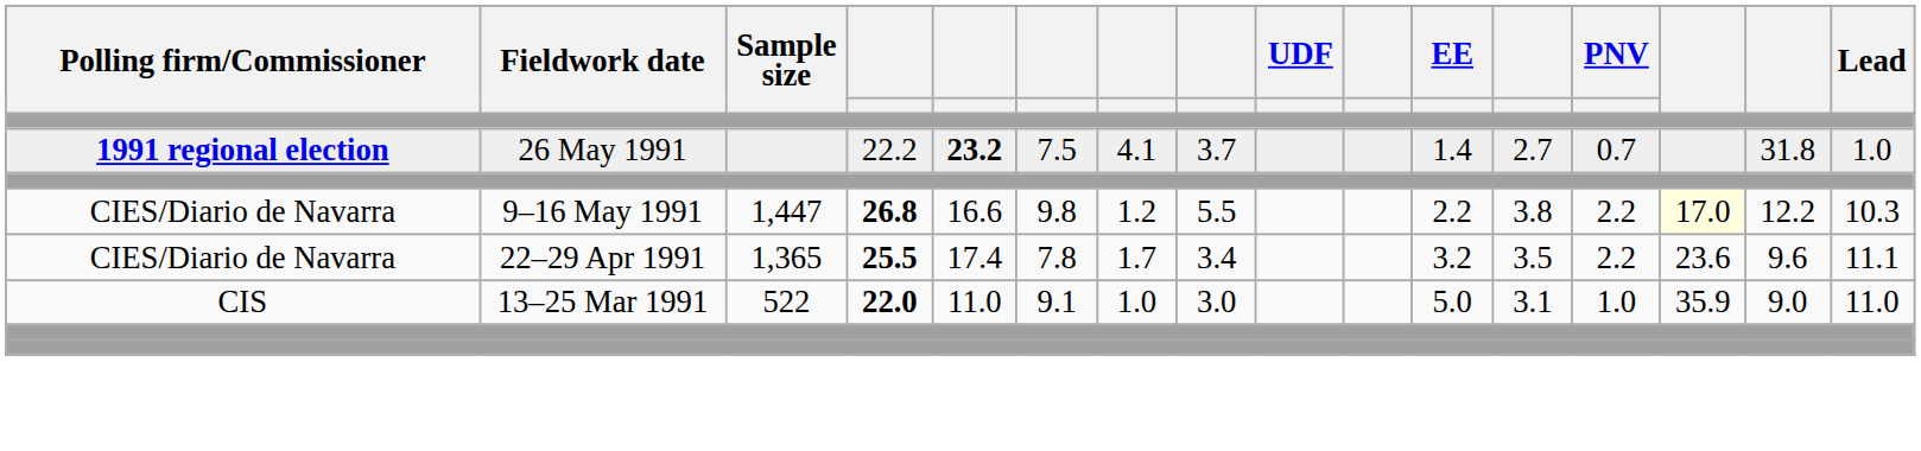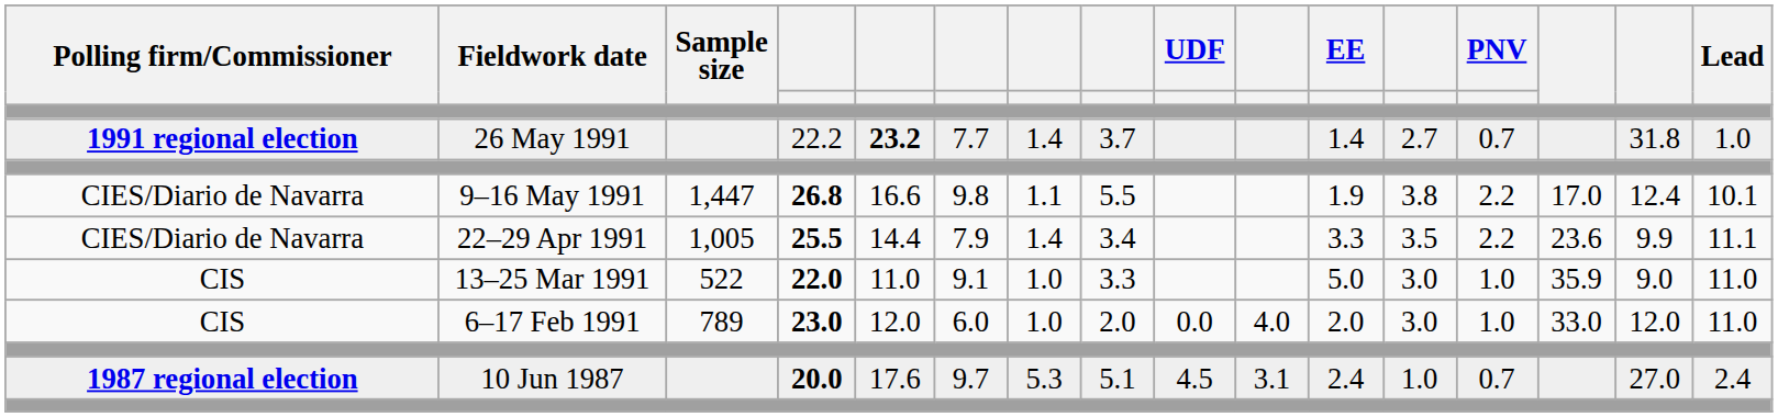 <table class="wikitable collapsible collapsed" style="text-align:center; font-size:90%; line-height:14px;">
 <tr style="height:42px;">
 <th style="width:250px;" rowspan="2">Polling firm/Commissioner</th>
 <th style="width:125px;" rowspan="2">Fieldwork date</th>
 <th style="width:50px;" rowspan="2">Sample size</th>
 <th style="width:35px;"></th>
 <th style="width:35px;"></th>
 <th style="width:35px;"></th>
 <th style="width:35px;"></th>
 <th style="width:35px;"></th>
 <th style="width:35px;"><a href='#'>UDF</a></th>
 <th style="width:35px;"></th>
 <th style="width:35px;"><a href='#'>EE</a></th>
 <th style="width:35px;"></th>
 <th style="width:35px;"><a href='#'>PNV</a></th>
 <th style="width:35px;" rowspan="2"></th>
 <th style="width:35px;" rowspan="2"></th>
 <th style="width:30px;" rowspan="2">Lead</th>
 </tr>
 <tr>
 <th style="color:inherit;background:"></th>
 <th style="color:inherit;background:"></th>
 <th style="color:inherit;background:"></th>
 <th style="color:inherit;background:"></th>
 <th style="color:inherit;background:"></th>
 <th style="color:inherit;background:"></th>
 <th style="color:inherit;background:"></th>
 <th style="color:inherit;background:"></th>
 <th style="color:inherit;background:"></th>
 <th style="color:inherit;background:"></th>
 </tr>
 <tr>
 <td colspan="16" style="background:#A0A0A0"></td>
 </tr>
 <tr style="background:#EFEFEF;">
 <td><strong><a href='#'>1991 regional election</a></strong></td>
 <td>26 May 1991</td>
 <td></td>
 <td>22.2</td>
 <td><strong>23.2</strong></td>
-<td>7.5</td>
-<td>4.1</td>
+<td>7.7</td>
+<td>1.4</td>
 <td>3.7</td>
 <td></td>
 <td></td>
 <td>1.4</td>
 <td>2.7</td>
 <td>0.7</td>
 <td></td>
 <td>31.8</td>
 <td style="background:">1.0</td>
 </tr>
 <tr>
 <td colspan="16" style="background:#A0A0A0"></td>
 </tr>
 <tr>
 <td>CIES/Diario de Navarra</td>
 <td>9–16 May 1991</td>
 <td>1,447</td>
 <td><strong>26.8</strong></td>
 <td>16.6</td>
 <td>9.8</td>
-<td>1.2</td>
+<td>1.1</td>
 <td>5.5</td>
 <td></td>
 <td></td>
-<td>2.2</td>
+<td>1.9</td>
 <td>3.8</td>
 <td>2.2</td>
-<td style="background: lightyellow;">17.0</td>
-<td>12.2</td>
-<td style="background:">10.3</td>
+<td>17.0</td>
+<td>12.4</td>
+<td style="background:">10.1</td>
 </tr>
 <tr>
 <td>CIES/Diario de Navarra</td>
 <td>22–29 Apr 1991</td>
-<td>1,365</td>
+<td>1,005</td>
 <td><strong>25.5</strong></td>
-<td>17.4</td>
-<td>7.8</td>
-<td>1.7</td>
+<td>14.4</td>
+<td>7.9</td>
+<td>1.4</td>
 <td>3.4</td>
 <td></td>
 <td></td>
-<td>3.2</td>
+<td>3.3</td>
 <td>3.5</td>
 <td>2.2</td>
 <td>23.6</td>
-<td>9.6</td>
+<td>9.9</td>
 <td style="background:">11.1</td>
 </tr>
 <tr>
 <td>CIS</td>
 <td>13–25 Mar 1991</td>
 <td>522</td>
 <td><strong>22.0</strong></td>
 <td>11.0</td>
 <td>9.1</td>
 <td>1.0</td>
-<td>3.0</td>
+<td>3.3</td>
 <td></td>
 <td></td>
 <td>5.0</td>
-<td>3.1</td>
+<td>3.0</td>
 <td>1.0</td>
 <td>35.9</td>
 <td>9.0</td>
 <td style="background:">11.0</td>
 </tr>
 <tr>
+<td>CIS</td>
+<td>6–17 Feb 1991</td>
+<td>789</td>
+<td><strong>23.0</strong></td>
+<td>12.0</td>
+<td>6.0</td>
+<td>1.0</td>
+<td>2.0</td>
+<td>0.0</td>
+<td>4.0</td>
+<td>2.0</td>
+<td>3.0</td>
+<td>1.0</td>
+<td>33.0</td>
+<td>12.0</td>
+<td style="background:">11.0</td>
+</tr>
+<tr>
 <td colspan="16" style="background:#A0A0A0"></td>
+</tr>
+<tr style="background:#EFEFEF;">
+<td><strong><a href='#'>1987 regional election</a></strong></td>
+<td>10 Jun 1987</td>
+<td></td>
+<td><strong>20.0</strong></td>
+<td>17.6</td>
+<td>9.7</td>
+<td>5.3</td>
+<td>5.1</td>
+<td>4.5</td>
+<td>3.1</td>
+<td>2.4</td>
+<td>1.0</td>
+<td>0.7</td>
+<td></td>
+<td>27.0</td>
+<td style="background:">2.4</td>
 </tr>
 <tr>
 <td colspan="16" style="background:#A0A0A0"></td>
 </tr>
 </table>
